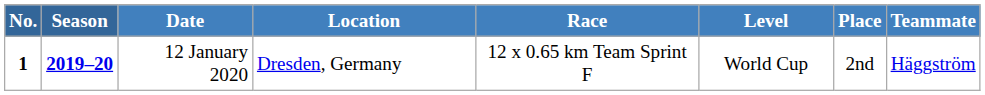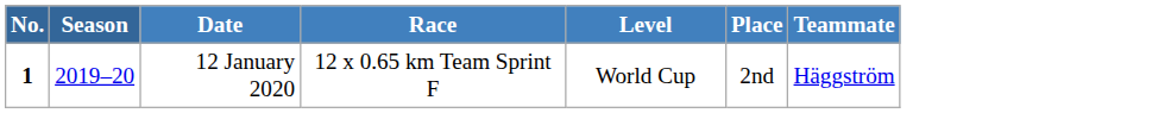 <table class="wikitable sortable" style="font-size:95%; text-align:center; border:grey solid 1px; border-collapse:collapse; background:#ffffff;">
 <tr style="background:#efefef;">
 <th style="background-color:#369; color:white;">No.</th>
 <th style="background-color:#369; color:white;">Season</th>
 <th style="background-color:#4180be; color:white; width:100px;">Date</th>
-<th style="background-color:#4180be; color:white; width:170px;">Location</th>
 <th style="background-color:#4180be; color:white; width:170px;">Race</th>
 <th style="background-color:#4180be; color:white; width:100px;">Level</th>
 <th style="background-color:#4180be; color:white;">Place</th>
 <th style="background-color:#4180be; color:white;">Teammate</th>
 </tr>
 <tr>
 <td align=center><strong>1</strong></td>
-<td rowspan=1 align=center><strong><a href='#'>2019–20</a></strong></td>
+<td rowspan=1 align=center><a href='#'>2019–20</a></td>
 <td align=right>12 January 2020</td>
-<td align=left> <a href='#'>Dresden</a>, Germany</td>
 <td>12 x 0.65 km Team Sprint F</td>
 <td>World Cup</td>
 <td>2nd</td>
 <td><a href='#'>Häggström</a></td>
 </tr>
 </table>
